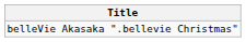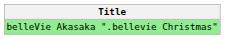 <table class="wikitable">
 <tr>
 <th>Title</th>
 </tr>
 <tr>
-<td>belleVie Akasaka ".bellevie Christmas"</td>
+<td style="background: lightgreen;">belleVie Akasaka ".bellevie Christmas"</td>
 </tr>
 </table>
